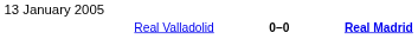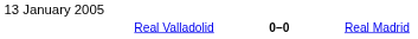 <table width=100% cellspacing=1>
 <tr>
 <th width=20%></th>
 <th width=12%></th>
 <th width=20%></th>
 <th></th>
 </tr>
 <tr>
 <td>13 January 2005</td>
 </tr>
 <tr style=font-size:90%>
 <td align=right><a href='#'>Real Valladolid</a></td>
 <td align=center><strong>0–0</strong></td>
-<td><strong><a href='#'>Real Madrid</a></strong></td>
+<td><a href='#'>Real Madrid</a></td>
 </tr>
 </table>
